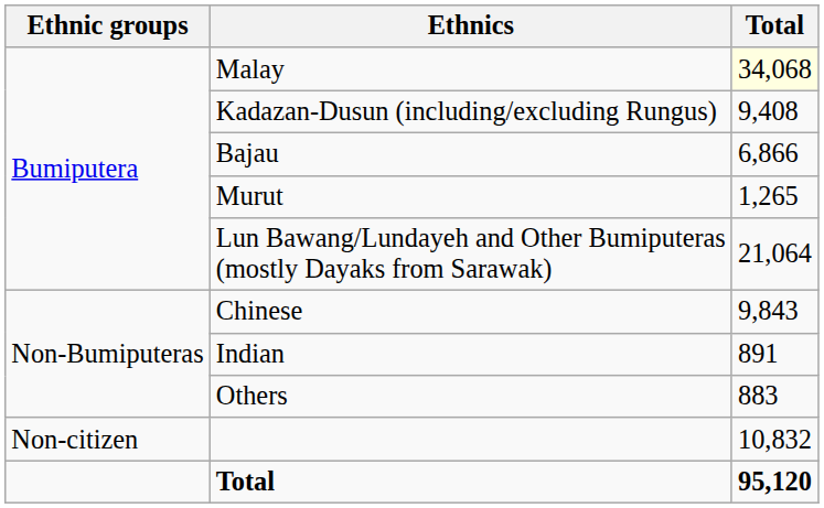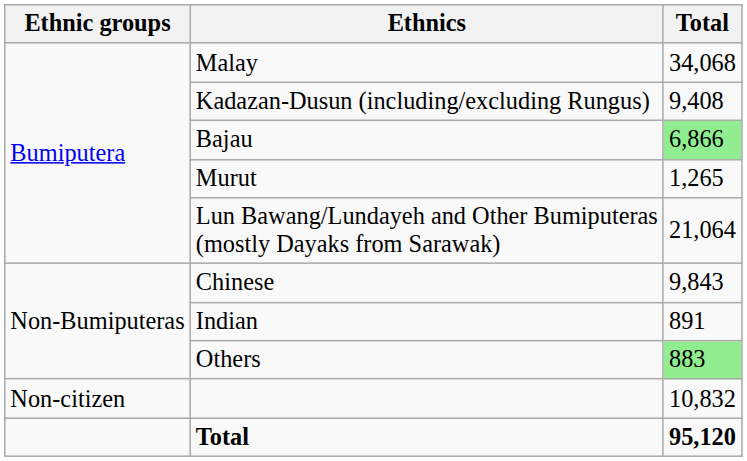 <table class="wikitable sortable" style="margin: lem auto lem auto;">
 <tr style="background:#efefef;">
 <th scope="col">Ethnic groups</th>
 <th scope="col">Ethnics</th>
 <th scope="col">Total</th>
 </tr>
 <tr>
 <td rowspan="5"><a href='#'>Bumiputera</a></td>
 <td>Malay</td>
-<td style="background: lightyellow;">34,068</td>
+<td>34,068</td>
 </tr>
 <tr>
 <td>Kadazan-Dusun (including/excluding Rungus)</td>
 <td>9,408</td>
 </tr>
 <tr>
 <td>Bajau</td>
-<td>6,866</td>
+<td style="background: lightgreen;">6,866</td>
 </tr>
 <tr>
 <td>Murut</td>
 <td>1,265</td>
 </tr>
 <tr>
 <td>Lun Bawang/Lundayeh and Other Bumiputeras <br> (mostly Dayaks from Sarawak)</td>
 <td>21,064</td>
 </tr>
 <tr>
 <td Rowspan="3">Non-Bumiputeras</td>
 <td>Chinese</td>
 <td>9,843</td>
 </tr>
 <tr>
 <td>Indian</td>
 <td>891</td>
 </tr>
 <tr>
 <td>Others</td>
-<td>883</td>
+<td style="background: lightgreen;">883</td>
 </tr>
 <tr>
 <td Rowspan="1">Non-citizen</td>
 <td></td>
 <td>10,832</td>
 </tr>
 <tr>
 <td></td>
 <td><strong>Total</strong></td>
 <td><strong>95,120</strong></td>
 </tr>
 </table>
